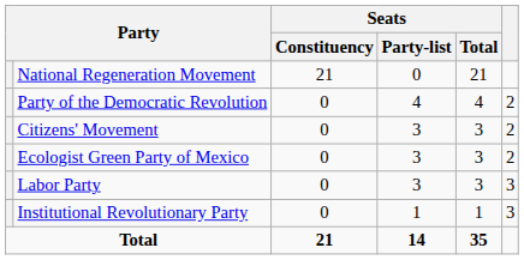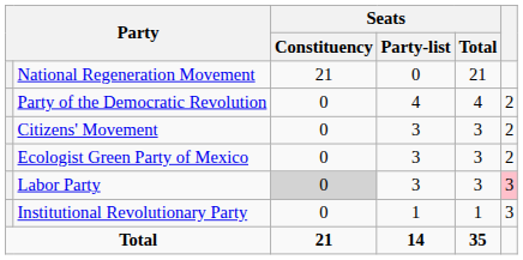 <table class="wikitable" style="text-align:center;">
 <tr>
 <th colspan="2" rowspan="2">Party</th>
 <th colspan="3">Seats</th>
 <th rowspan="2"></th>
 </tr>
 <tr>
 <th style="width:3em"><strong>Constituency</strong></th>
 <th>Party-list</th>
 <th>Total</th>
 </tr>
 <tr>
 <th style="background-color:"></th>
 <td style="text-align:left;"><a href='#'>National Regeneration Movement</a></td>
 <td>21</td>
 <td>0</td>
 <td>21</td>
 <td></td>
 </tr>
 <tr>
 <th style="background-color:"></th>
 <td style="text-align:left;"><a href='#'>Party of the Democratic Revolution</a></td>
 <td>0</td>
 <td>4</td>
 <td>4</td>
 <td> 2</td>
 </tr>
 <tr>
 <th style="background-color:"></th>
 <td style="text-align:left;"><a href='#'>Citizens' Movement</a></td>
 <td>0</td>
 <td>3</td>
 <td>3</td>
 <td> 2</td>
 </tr>
 <tr>
 <th style="background-color:"></th>
 <td style="text-align:left;"><a href='#'>Ecologist Green Party of Mexico</a></td>
 <td>0</td>
 <td>3</td>
 <td>3</td>
 <td> 2</td>
 </tr>
 <tr>
 <th style="background-color:"></th>
 <td style="text-align:left;"><a href='#'>Labor Party</a></td>
-<td>0</td>
+<td style="background: lightgrey;">0</td>
 <td>3</td>
 <td>3</td>
-<td> 3</td>
+<td style="background: pink;"> 3</td>
 </tr>
 <tr>
 <th style="background-color:"></th>
 <td style="text-align:left;"><a href='#'>Institutional Revolutionary Party</a></td>
 <td>0</td>
 <td>1</td>
 <td>1</td>
 <td> 3</td>
 </tr>
 <tr>
 <td colspan="2"><strong>Total</strong></td>
 <td><strong>21</strong></td>
 <td><strong>14</strong></td>
 <td><strong>35</strong></td>
 <td></td>
 </tr>
 </table>
